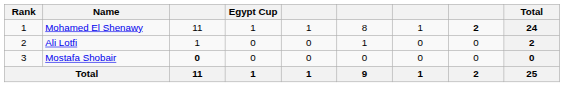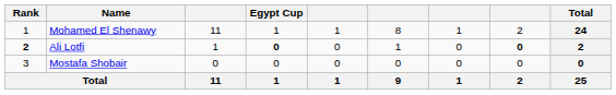 <table class=wikitable style=text-align:center;>
 <tr>
 <th style=width:56px;>Rank</th>
 <th style=width:200px;>Name</th>
 <th style=width:84px;></th>
 <th style=width:84px;>Egypt Cup</th>
 <th style=width:84px;></th>
 <th style=width:84px;></th>
 <th style=width:84px;></th>
 <th style=width:84px;></th>
 <th style=width:84px;>Total</th>
 </tr>
 <tr>
 <td>1</td>
 <td align=left> <a href='#'>Mohamed El Shenawy</a></td>
 <td>11</td>
 <td>1</td>
 <td>1</td>
 <td>8</td>
 <td>1</td>
-<td><strong>2</strong></td>
+<td>2</td>
 <th>24</th>
 </tr>
 <tr>
-<td>2</td>
+<td><strong>2</strong></td>
 <td align=left> <a href='#'>Ali Lotfi</a></td>
 <td>1</td>
-<td>0</td>
+<td><strong>0</strong></td>
 <td>0</td>
 <td>1</td>
 <td>0</td>
-<td>0</td>
+<td><strong>0</strong></td>
 <th>2</th>
 </tr>
 <tr>
 <td>3</td>
 <td align=left> <a href='#'>Mostafa Shobair</a></td>
-<td><strong>0</strong></td>
+<td>0</td>
 <td>0</td>
 <td>0</td>
 <td>0</td>
 <td>0</td>
 <td>0</td>
 <th>0</th>
 </tr>
 <tr>
 <th colspan=2>Total</th>
 <th>11</th>
 <th>1</th>
 <th>1</th>
 <th>9</th>
 <th>1</th>
 <th>2</th>
 <th>25</th>
 </tr>
 </table>
